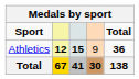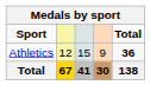 <table class="wikitable" style="font-size:95%; float:right;">
 <tr style="background:#efefef;">
 <th colspan=7>Medals by sport</th>
 </tr>
 <tr align=center>
 <td><strong>Sport</strong></td>
 <td style="background:#f7f6a8;"></td>
 <td style="background:#dce5e5;"></td>
 <td style="background:#ffdab9;"></td>
 <td><strong>Total</strong></td>
 </tr>
 <tr align=center>
 <td><a href='#'>Athletics</a></td>
-<td style="background:#F7F6A8;"><strong>12</strong></td>
-<td style="background:#DCE5E5;"><strong>15</strong></td>
+<td style="background:#F7F6A8;">12</td>
+<td style="background:#DCE5E5;">15</td>
 <td style="background:#FFDAB9;">9</td>
 <td><strong>36</strong></td>
 </tr>
 <tr align=center>
 <th>Total</th>
 <th style="background:gold;">67</th>
 <th style="background:silver;">41</th>
 <th style="background:#c96;">30</th>
 <th>138</th>
 </tr>
 </table>
